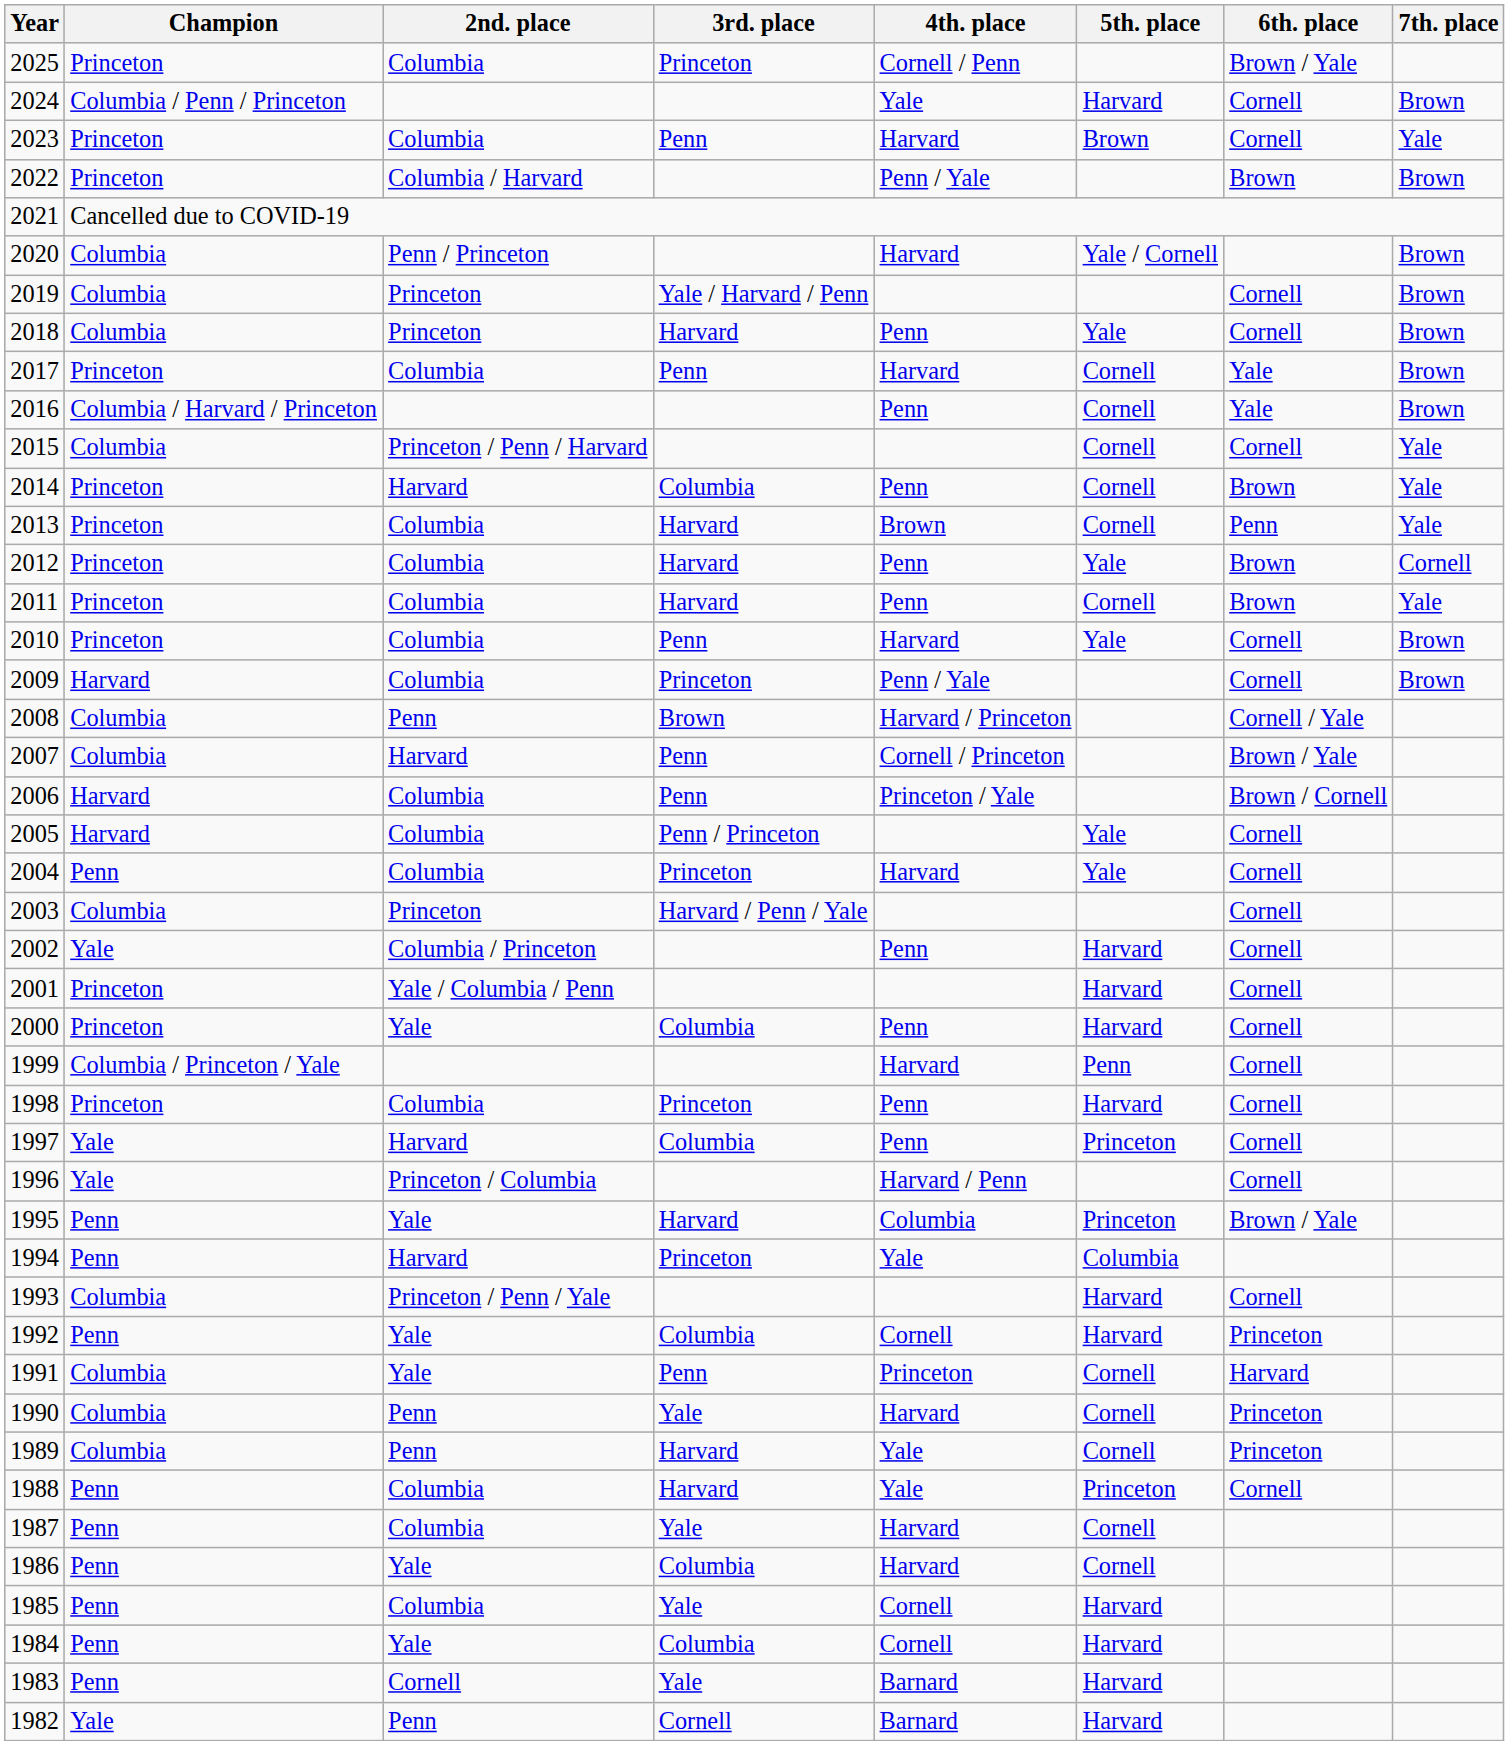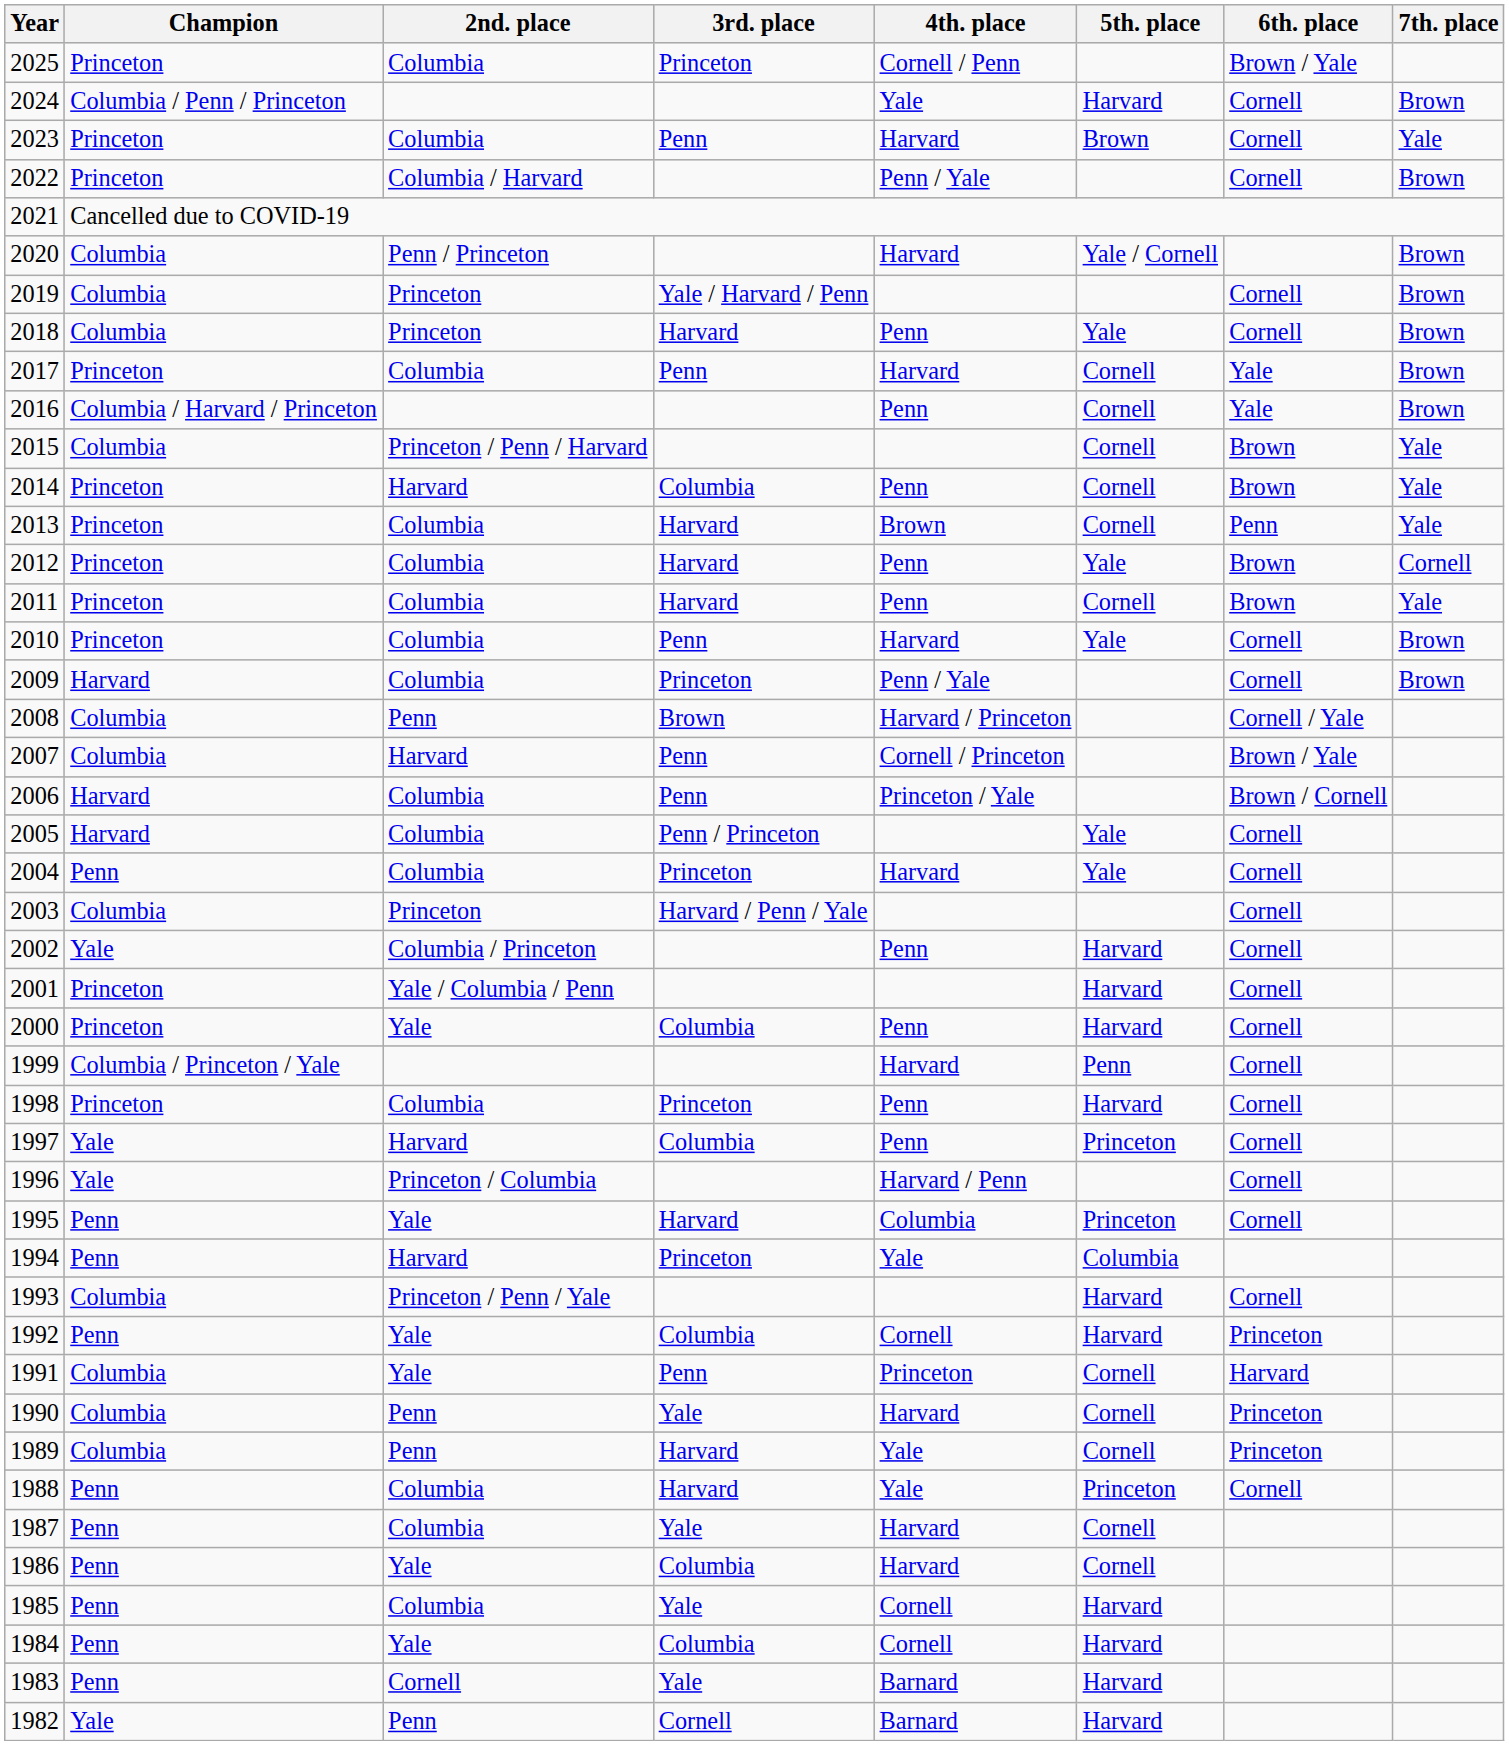 <table class="wikitable">
 <tr>
 <th width=px>Year</th>
 <th width=px>Champion</th>
 <th width=px>2nd. place</th>
 <th width=px>3rd. place</th>
 <th width=px>4th. place</th>
 <th width=px>5th. place</th>
 <th width=px>6th. place</th>
 <th width=px>7th. place</th>
 </tr>
 <tr>
 <td>2025</td>
 <td><a href='#'>Princeton</a></td>
 <td><a href='#'>Columbia</a></td>
 <td><a href='#'>Princeton</a></td>
 <td><a href='#'>Cornell</a> / <a href='#'>Penn</a></td>
 <td></td>
 <td><a href='#'>Brown</a> / <a href='#'>Yale</a></td>
 </tr>
 <tr>
 <td>2024</td>
 <td><a href='#'>Columbia</a> / <a href='#'>Penn</a> / <a href='#'>Princeton</a></td>
 <td></td>
 <td></td>
 <td><a href='#'>Yale</a></td>
 <td><a href='#'>Harvard</a></td>
 <td><a href='#'>Cornell</a></td>
 <td><a href='#'>Brown</a></td>
 </tr>
 <tr>
 <td>2023</td>
 <td><a href='#'>Princeton</a></td>
 <td><a href='#'>Columbia</a></td>
 <td><a href='#'>Penn</a></td>
 <td><a href='#'>Harvard</a></td>
 <td><a href='#'>Brown</a></td>
 <td><a href='#'>Cornell</a></td>
 <td><a href='#'>Yale</a></td>
 </tr>
 <tr>
 <td>2022</td>
 <td><a href='#'>Princeton</a></td>
 <td><a href='#'>Columbia</a> / <a href='#'>Harvard</a></td>
 <td></td>
 <td><a href='#'>Penn</a> / <a href='#'>Yale</a></td>
 <td></td>
-<td><a href='#'>Brown</a></td>
+<td><a href='#'>Cornell</a></td>
 <td><a href='#'>Brown</a></td>
 </tr>
 <tr>
 <td>2021</td>
 <td colspan="7">Cancelled due to COVID-19</td>
 </tr>
 <tr>
 <td>2020</td>
 <td><a href='#'>Columbia</a></td>
 <td><a href='#'>Penn</a> / <a href='#'>Princeton</a></td>
 <td></td>
 <td><a href='#'>Harvard</a></td>
 <td><a href='#'>Yale</a> / <a href='#'>Cornell</a></td>
 <td></td>
 <td><a href='#'>Brown</a></td>
 </tr>
 <tr>
 <td>2019</td>
 <td><a href='#'>Columbia</a></td>
 <td><a href='#'>Princeton</a></td>
 <td><a href='#'>Yale</a> / <a href='#'>Harvard</a> / <a href='#'>Penn</a></td>
 <td></td>
 <td></td>
 <td><a href='#'>Cornell</a></td>
 <td><a href='#'>Brown</a></td>
 </tr>
 <tr>
 <td>2018</td>
 <td><a href='#'>Columbia</a></td>
 <td><a href='#'>Princeton</a></td>
 <td><a href='#'>Harvard</a></td>
 <td><a href='#'>Penn</a></td>
 <td><a href='#'>Yale</a></td>
 <td><a href='#'>Cornell</a></td>
 <td><a href='#'>Brown</a></td>
 </tr>
 <tr>
 <td>2017</td>
 <td><a href='#'>Princeton</a></td>
 <td><a href='#'>Columbia</a></td>
 <td><a href='#'>Penn</a></td>
 <td><a href='#'>Harvard</a></td>
 <td><a href='#'>Cornell</a></td>
 <td><a href='#'>Yale</a></td>
 <td><a href='#'>Brown</a></td>
 </tr>
 <tr>
 <td>2016</td>
 <td><a href='#'>Columbia</a> / <a href='#'>Harvard</a> / <a href='#'>Princeton</a></td>
 <td></td>
 <td></td>
 <td><a href='#'>Penn</a></td>
 <td><a href='#'>Cornell</a></td>
 <td><a href='#'>Yale</a></td>
 <td><a href='#'>Brown</a></td>
 </tr>
 <tr>
 <td>2015</td>
 <td><a href='#'>Columbia</a></td>
 <td><a href='#'>Princeton</a> / <a href='#'>Penn</a> / <a href='#'>Harvard</a></td>
 <td></td>
 <td></td>
 <td><a href='#'>Cornell</a></td>
-<td><a href='#'>Cornell</a></td>
+<td><a href='#'>Brown</a></td>
 <td><a href='#'>Yale</a></td>
 </tr>
 <tr>
 <td>2014</td>
 <td><a href='#'>Princeton</a></td>
 <td><a href='#'>Harvard</a></td>
 <td><a href='#'>Columbia</a></td>
 <td><a href='#'>Penn</a></td>
 <td><a href='#'>Cornell</a></td>
 <td><a href='#'>Brown</a></td>
 <td><a href='#'>Yale</a></td>
 </tr>
 <tr>
 <td>2013</td>
 <td><a href='#'>Princeton</a></td>
 <td><a href='#'>Columbia</a></td>
 <td><a href='#'>Harvard</a></td>
 <td><a href='#'>Brown</a></td>
 <td><a href='#'>Cornell</a></td>
 <td><a href='#'>Penn</a></td>
 <td><a href='#'>Yale</a></td>
 </tr>
 <tr>
 <td>2012</td>
 <td><a href='#'>Princeton</a></td>
 <td><a href='#'>Columbia</a></td>
 <td><a href='#'>Harvard</a></td>
 <td><a href='#'>Penn</a></td>
 <td><a href='#'>Yale</a></td>
 <td><a href='#'>Brown</a></td>
 <td><a href='#'>Cornell</a></td>
 </tr>
 <tr>
 <td>2011</td>
 <td><a href='#'>Princeton</a></td>
 <td><a href='#'>Columbia</a></td>
 <td><a href='#'>Harvard</a></td>
 <td><a href='#'>Penn</a></td>
 <td><a href='#'>Cornell</a></td>
 <td><a href='#'>Brown</a></td>
 <td><a href='#'>Yale</a></td>
 </tr>
 <tr>
 <td>2010</td>
 <td><a href='#'>Princeton</a></td>
 <td><a href='#'>Columbia</a></td>
 <td><a href='#'>Penn</a></td>
 <td><a href='#'>Harvard</a></td>
 <td><a href='#'>Yale</a></td>
 <td><a href='#'>Cornell</a></td>
 <td><a href='#'>Brown</a></td>
 </tr>
 <tr>
 <td>2009</td>
 <td><a href='#'>Harvard</a></td>
 <td><a href='#'>Columbia</a></td>
 <td><a href='#'>Princeton</a></td>
 <td><a href='#'>Penn</a> / <a href='#'>Yale</a></td>
 <td></td>
 <td><a href='#'>Cornell</a></td>
 <td><a href='#'>Brown</a></td>
 </tr>
 <tr>
 <td>2008</td>
 <td><a href='#'>Columbia</a></td>
 <td><a href='#'>Penn</a></td>
 <td><a href='#'>Brown</a></td>
 <td><a href='#'>Harvard</a> / <a href='#'>Princeton</a></td>
 <td></td>
 <td><a href='#'>Cornell</a> / <a href='#'>Yale</a></td>
 <td></td>
 </tr>
 <tr>
 <td>2007</td>
 <td><a href='#'>Columbia</a></td>
 <td><a href='#'>Harvard</a></td>
 <td><a href='#'>Penn</a></td>
 <td><a href='#'>Cornell</a> / <a href='#'>Princeton</a></td>
 <td></td>
 <td><a href='#'>Brown</a> / <a href='#'>Yale</a></td>
 <td></td>
 </tr>
 <tr>
 <td>2006</td>
 <td><a href='#'>Harvard</a></td>
 <td><a href='#'>Columbia</a></td>
 <td><a href='#'>Penn</a></td>
 <td><a href='#'>Princeton</a> / <a href='#'>Yale</a></td>
 <td></td>
 <td><a href='#'>Brown</a> / <a href='#'>Cornell</a></td>
 <td></td>
 </tr>
 <tr>
 <td>2005</td>
 <td><a href='#'>Harvard</a></td>
 <td><a href='#'>Columbia</a></td>
 <td><a href='#'>Penn</a> / <a href='#'>Princeton</a></td>
 <td></td>
 <td><a href='#'>Yale</a></td>
 <td><a href='#'>Cornell</a></td>
 <td></td>
 </tr>
 <tr>
 <td>2004</td>
 <td><a href='#'>Penn</a></td>
 <td><a href='#'>Columbia</a></td>
 <td><a href='#'>Princeton</a></td>
 <td><a href='#'>Harvard</a></td>
 <td><a href='#'>Yale</a></td>
 <td><a href='#'>Cornell</a></td>
 <td></td>
 </tr>
 <tr>
 <td>2003</td>
 <td><a href='#'>Columbia</a></td>
 <td><a href='#'>Princeton</a></td>
 <td><a href='#'>Harvard</a> / <a href='#'>Penn</a> / <a href='#'>Yale</a></td>
 <td></td>
 <td></td>
 <td><a href='#'>Cornell</a></td>
 <td></td>
 </tr>
 <tr>
 <td>2002</td>
 <td><a href='#'>Yale</a></td>
 <td><a href='#'>Columbia</a> / <a href='#'>Princeton</a></td>
 <td></td>
 <td><a href='#'>Penn</a></td>
 <td><a href='#'>Harvard</a></td>
 <td><a href='#'>Cornell</a></td>
 <td></td>
 </tr>
 <tr>
 <td>2001</td>
 <td><a href='#'>Princeton</a></td>
 <td><a href='#'>Yale</a> / <a href='#'>Columbia</a> / <a href='#'>Penn</a></td>
 <td></td>
 <td></td>
 <td><a href='#'>Harvard</a></td>
 <td><a href='#'>Cornell</a></td>
 <td></td>
 </tr>
 <tr>
 <td>2000</td>
 <td><a href='#'>Princeton</a></td>
 <td><a href='#'>Yale</a></td>
 <td><a href='#'>Columbia</a></td>
 <td><a href='#'>Penn</a></td>
 <td><a href='#'>Harvard</a></td>
 <td><a href='#'>Cornell</a></td>
 <td></td>
 </tr>
 <tr>
 <td>1999</td>
 <td><a href='#'>Columbia</a> / <a href='#'>Princeton</a> / <a href='#'>Yale</a></td>
 <td></td>
 <td></td>
 <td><a href='#'>Harvard</a></td>
 <td><a href='#'>Penn</a></td>
 <td><a href='#'>Cornell</a></td>
 <td></td>
 </tr>
 <tr>
 <td>1998</td>
 <td><a href='#'>Princeton</a></td>
 <td><a href='#'>Columbia</a></td>
 <td><a href='#'>Princeton</a></td>
 <td><a href='#'>Penn</a></td>
 <td><a href='#'>Harvard</a></td>
 <td><a href='#'>Cornell</a></td>
 <td></td>
 </tr>
 <tr>
 <td>1997</td>
 <td><a href='#'>Yale</a></td>
 <td><a href='#'>Harvard</a></td>
 <td><a href='#'>Columbia</a></td>
 <td><a href='#'>Penn</a></td>
 <td><a href='#'>Princeton</a></td>
 <td><a href='#'>Cornell</a></td>
 <td></td>
 </tr>
 <tr>
 <td>1996</td>
 <td><a href='#'>Yale</a></td>
 <td><a href='#'>Princeton</a> / <a href='#'>Columbia</a></td>
 <td></td>
 <td><a href='#'>Harvard</a> / <a href='#'>Penn</a></td>
 <td></td>
 <td><a href='#'>Cornell</a></td>
 <td></td>
 </tr>
 <tr>
 <td>1995</td>
 <td><a href='#'>Penn</a></td>
 <td><a href='#'>Yale</a></td>
 <td><a href='#'>Harvard</a></td>
 <td><a href='#'>Columbia</a></td>
 <td><a href='#'>Princeton</a></td>
-<td><a href='#'>Brown</a> / <a href='#'>Yale</a></td>
+<td><a href='#'>Cornell</a></td>
 <td></td>
 </tr>
 <tr>
 <td>1994</td>
 <td><a href='#'>Penn</a></td>
 <td><a href='#'>Harvard</a></td>
 <td><a href='#'>Princeton</a></td>
 <td><a href='#'>Yale</a></td>
 <td><a href='#'>Columbia</a></td>
 <td></td>
 <td></td>
 </tr>
 <tr>
 <td>1993</td>
 <td><a href='#'>Columbia</a></td>
 <td><a href='#'>Princeton</a> / <a href='#'>Penn</a> / <a href='#'>Yale</a></td>
 <td></td>
 <td></td>
 <td><a href='#'>Harvard</a></td>
 <td><a href='#'>Cornell</a></td>
 <td></td>
 </tr>
 <tr>
 <td>1992</td>
 <td><a href='#'>Penn</a></td>
 <td><a href='#'>Yale</a></td>
 <td><a href='#'>Columbia</a></td>
 <td><a href='#'>Cornell</a></td>
 <td><a href='#'>Harvard</a></td>
 <td><a href='#'>Princeton</a></td>
 <td></td>
 </tr>
 <tr>
 <td>1991</td>
 <td><a href='#'>Columbia</a></td>
 <td><a href='#'>Yale</a></td>
 <td><a href='#'>Penn</a></td>
 <td><a href='#'>Princeton</a></td>
 <td><a href='#'>Cornell</a></td>
 <td><a href='#'>Harvard</a></td>
 <td></td>
 </tr>
 <tr>
 <td>1990</td>
 <td><a href='#'>Columbia</a></td>
 <td><a href='#'>Penn</a></td>
 <td><a href='#'>Yale</a></td>
 <td><a href='#'>Harvard</a></td>
 <td><a href='#'>Cornell</a></td>
 <td><a href='#'>Princeton</a></td>
 <td></td>
 </tr>
 <tr>
 <td>1989</td>
 <td><a href='#'>Columbia</a></td>
 <td><a href='#'>Penn</a></td>
 <td><a href='#'>Harvard</a></td>
 <td><a href='#'>Yale</a></td>
 <td><a href='#'>Cornell</a></td>
 <td><a href='#'>Princeton</a></td>
 <td></td>
 </tr>
 <tr>
 <td>1988</td>
 <td><a href='#'>Penn</a></td>
 <td><a href='#'>Columbia</a></td>
 <td><a href='#'>Harvard</a></td>
 <td><a href='#'>Yale</a></td>
 <td><a href='#'>Princeton</a></td>
 <td><a href='#'>Cornell</a></td>
 <td></td>
 </tr>
 <tr>
 <td>1987</td>
 <td><a href='#'>Penn</a></td>
 <td><a href='#'>Columbia</a></td>
 <td><a href='#'>Yale</a></td>
 <td><a href='#'>Harvard</a></td>
 <td><a href='#'>Cornell</a></td>
 <td></td>
 <td></td>
 </tr>
 <tr>
 <td>1986</td>
 <td><a href='#'>Penn</a></td>
 <td><a href='#'>Yale</a></td>
 <td><a href='#'>Columbia</a></td>
 <td><a href='#'>Harvard</a></td>
 <td><a href='#'>Cornell</a></td>
 <td></td>
 <td></td>
 </tr>
 <tr>
 <td>1985</td>
 <td><a href='#'>Penn</a></td>
 <td><a href='#'>Columbia</a></td>
 <td><a href='#'>Yale</a></td>
 <td><a href='#'>Cornell</a></td>
 <td><a href='#'>Harvard</a></td>
 <td></td>
 <td></td>
 </tr>
 <tr>
 <td>1984</td>
 <td><a href='#'>Penn</a></td>
 <td><a href='#'>Yale</a></td>
 <td><a href='#'>Columbia</a></td>
 <td><a href='#'>Cornell</a></td>
 <td><a href='#'>Harvard</a></td>
 <td></td>
 <td></td>
 </tr>
 <tr>
 <td>1983</td>
 <td><a href='#'>Penn</a></td>
 <td><a href='#'>Cornell</a></td>
 <td><a href='#'>Yale</a></td>
 <td><a href='#'>Barnard</a></td>
 <td><a href='#'>Harvard</a></td>
 <td></td>
 <td></td>
 </tr>
 <tr>
 <td>1982</td>
 <td><a href='#'>Yale</a></td>
 <td><a href='#'>Penn</a></td>
 <td><a href='#'>Cornell</a></td>
 <td><a href='#'>Barnard</a></td>
 <td><a href='#'>Harvard</a></td>
 <td></td>
 <td></td>
 </tr>
 </table>
